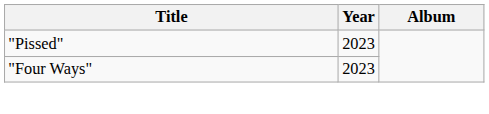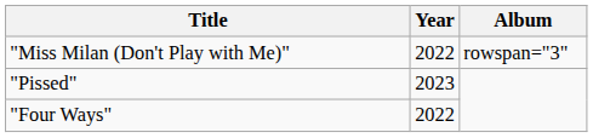 <table class="wikitable plainrowheaders" style="text-align:left;">
 <tr>
 <th scope="col"  style="width:20em;">Title</th>
 <th scope="col"  style="width:2em;">Year</th>
 <th scope="col"  style="width:6em;">Album</th>
 </tr>
 <tr>
+<td scope="row">"Miss Milan (Don't Play with Me)"</td>
+<td>2022</td>
+<td>rowspan="3" </td>
+</tr>
+<tr>
 <td>"Pissed"</td>
 <td>2023</td>
 </tr>
 <tr>
 <td>"Four Ways"</td>
-<td>2023</td>
+<td>2022</td>
 </tr>
 </table>
